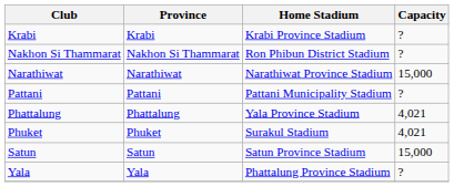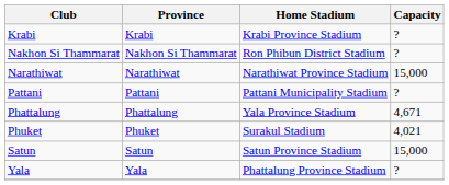 <table class="wikitable">
 <tr>
 <th>Club</th>
 <th>Province</th>
 <th>Home Stadium</th>
 <th>Capacity</th>
 </tr>
 <tr>
 <td><a href='#'>Krabi</a></td>
 <td><a href='#'>Krabi</a></td>
 <td><a href='#'>Krabi Province Stadium</a></td>
 <td>?</td>
 </tr>
 <tr>
 <td><a href='#'>Nakhon Si Thammarat</a></td>
 <td><a href='#'>Nakhon Si Thammarat</a></td>
 <td><a href='#'>Ron Phibun District Stadium</a></td>
 <td>?</td>
 </tr>
 <tr>
 <td><a href='#'>Narathiwat</a></td>
 <td><a href='#'>Narathiwat</a></td>
 <td><a href='#'>Narathiwat Province Stadium</a></td>
 <td>15,000</td>
 </tr>
 <tr>
 <td><a href='#'>Pattani</a></td>
 <td><a href='#'>Pattani</a></td>
 <td><a href='#'>Pattani Municipality Stadium</a></td>
 <td>?</td>
 </tr>
 <tr>
 <td><a href='#'>Phattalung</a></td>
 <td><a href='#'>Phattalung</a></td>
 <td><a href='#'>Yala Province Stadium</a></td>
-<td>4,021</td>
+<td>4,671</td>
 </tr>
 <tr>
 <td><a href='#'>Phuket</a></td>
 <td><a href='#'>Phuket</a></td>
 <td><a href='#'>Surakul Stadium</a></td>
 <td>4,021</td>
 </tr>
 <tr>
 <td><a href='#'>Satun</a></td>
 <td><a href='#'>Satun</a></td>
 <td><a href='#'>Satun Province Stadium</a></td>
 <td>15,000</td>
 </tr>
 <tr>
 <td><a href='#'>Yala</a></td>
 <td><a href='#'>Yala</a></td>
 <td><a href='#'>Phattalung Province Stadium</a></td>
 <td>?</td>
 </tr>
 <tr>
 </tr>
 </table>
